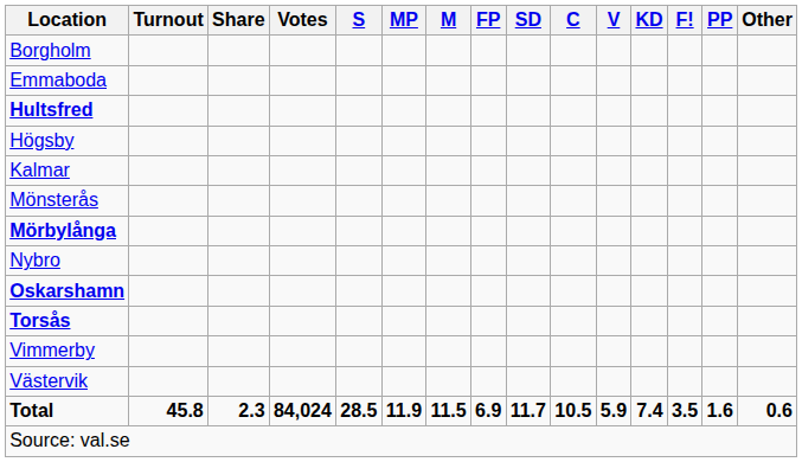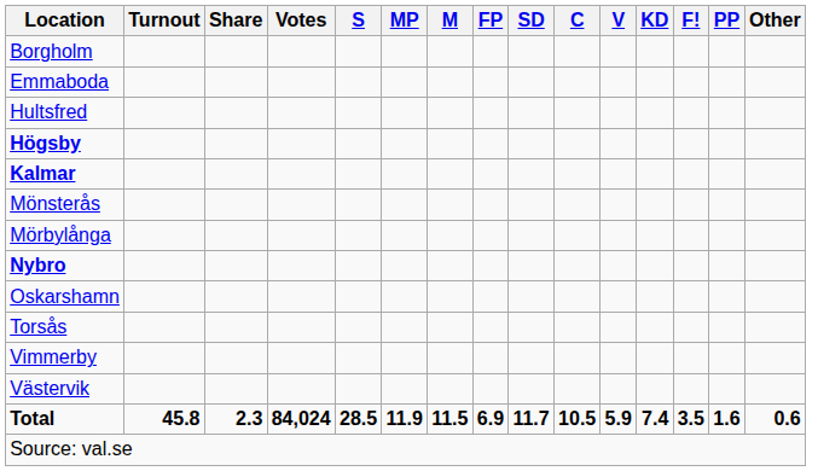 <table class="wikitable sortable" style=text-align:right>
 <tr>
 <th>Location</th>
 <th>Turnout</th>
 <th>Share</th>
 <th>Votes</th>
 <th><a href='#'>S</a></th>
 <th><a href='#'>MP</a></th>
 <th><a href='#'>M</a></th>
 <th><a href='#'>FP</a></th>
 <th><a href='#'>SD</a></th>
 <th><a href='#'>C</a></th>
 <th><a href='#'>V</a></th>
 <th><a href='#'>KD</a></th>
 <th><a href='#'>F!</a></th>
 <th><a href='#'>PP</a></th>
 <th>Other</th>
 </tr>
 <tr>
 <td align=left><a href='#'>Borgholm</a></td>
 <td></td>
 <td></td>
 <td></td>
 <td></td>
 <td></td>
 <td></td>
 <td></td>
 <td></td>
 <td></td>
 <td></td>
 <td></td>
 <td></td>
 <td></td>
 <td></td>
 </tr>
 <tr>
 <td align=left><a href='#'>Emmaboda</a></td>
 <td></td>
 <td></td>
 <td></td>
 <td></td>
 <td></td>
 <td></td>
 <td></td>
 <td></td>
 <td></td>
 <td></td>
 <td></td>
 <td></td>
 <td></td>
 <td></td>
 </tr>
 <tr>
-<td align=left><strong><a href='#'>Hultsfred</a></strong></td>
+<td align=left><a href='#'>Hultsfred</a></td>
 <td></td>
 <td></td>
 <td></td>
 <td></td>
 <td></td>
 <td></td>
 <td></td>
 <td></td>
 <td></td>
 <td></td>
 <td></td>
 <td></td>
 <td></td>
 <td></td>
 </tr>
 <tr>
-<td align=left><a href='#'>Högsby</a></td>
+<td align=left><strong><a href='#'>Högsby</a></strong></td>
 <td></td>
 <td></td>
 <td></td>
 <td></td>
 <td></td>
 <td></td>
 <td></td>
 <td></td>
 <td></td>
 <td></td>
 <td></td>
 <td></td>
 <td></td>
 <td></td>
 </tr>
 <tr>
-<td align=left><a href='#'>Kalmar</a></td>
+<td align=left><strong><a href='#'>Kalmar</a></strong></td>
 <td></td>
 <td></td>
 <td></td>
 <td></td>
 <td></td>
 <td></td>
 <td></td>
 <td></td>
 <td></td>
 <td></td>
 <td></td>
 <td></td>
 <td></td>
 <td></td>
 </tr>
 <tr>
 <td align=left><a href='#'>Mönsterås</a></td>
 <td></td>
 <td></td>
 <td></td>
 <td></td>
 <td></td>
 <td></td>
 <td></td>
 <td></td>
 <td></td>
 <td></td>
 <td></td>
 <td></td>
 <td></td>
 <td></td>
 </tr>
 <tr>
-<td align=left><strong><a href='#'>Mörbylånga</a></strong></td>
+<td align=left><a href='#'>Mörbylånga</a></td>
 <td></td>
 <td></td>
 <td></td>
 <td></td>
 <td></td>
 <td></td>
 <td></td>
 <td></td>
 <td></td>
 <td></td>
 <td></td>
 <td></td>
 <td></td>
 <td></td>
 </tr>
 <tr>
-<td align=left><a href='#'>Nybro</a></td>
+<td align=left><strong><a href='#'>Nybro</a></strong></td>
 <td></td>
 <td></td>
 <td></td>
 <td></td>
 <td></td>
 <td></td>
 <td></td>
 <td></td>
 <td></td>
 <td></td>
 <td></td>
 <td></td>
 <td></td>
 <td></td>
 </tr>
 <tr>
-<td align=left><strong><a href='#'>Oskarshamn</a></strong></td>
+<td align=left><a href='#'>Oskarshamn</a></td>
 <td></td>
 <td></td>
 <td></td>
 <td></td>
 <td></td>
 <td></td>
 <td></td>
 <td></td>
 <td></td>
 <td></td>
 <td></td>
 <td></td>
 <td></td>
 <td></td>
 </tr>
 <tr>
-<td align=left><strong><a href='#'>Torsås</a></strong></td>
+<td align=left><a href='#'>Torsås</a></td>
 <td></td>
 <td></td>
 <td></td>
 <td></td>
 <td></td>
 <td></td>
 <td></td>
 <td></td>
 <td></td>
 <td></td>
 <td></td>
 <td></td>
 <td></td>
 <td></td>
 </tr>
 <tr>
 <td align=left><a href='#'>Vimmerby</a></td>
 <td></td>
 <td></td>
 <td></td>
 <td></td>
 <td></td>
 <td></td>
 <td></td>
 <td></td>
 <td></td>
 <td></td>
 <td></td>
 <td></td>
 <td></td>
 <td></td>
 </tr>
 <tr>
 <td align=left><a href='#'>Västervik</a></td>
 <td></td>
 <td></td>
 <td></td>
 <td></td>
 <td></td>
 <td></td>
 <td></td>
 <td></td>
 <td></td>
 <td></td>
 <td></td>
 <td></td>
 <td></td>
 <td></td>
 </tr>
 <tr>
 <td align=left><strong>Total</strong></td>
 <td><strong>45.8</strong></td>
 <td><strong>2.3</strong></td>
 <td><strong>84,024</strong></td>
 <td><strong>28.5</strong></td>
 <td><strong>11.9</strong></td>
 <td><strong>11.5</strong></td>
 <td><strong>6.9</strong></td>
 <td><strong>11.7</strong></td>
 <td><strong>10.5</strong></td>
 <td><strong>5.9</strong></td>
 <td><strong>7.4</strong></td>
 <td><strong>3.5</strong></td>
 <td><strong>1.6</strong></td>
 <td><strong>0.6</strong></td>
 </tr>
 <tr>
 <td align=left colspan=15>Source: val.se </td>
 </tr>
 </table>
